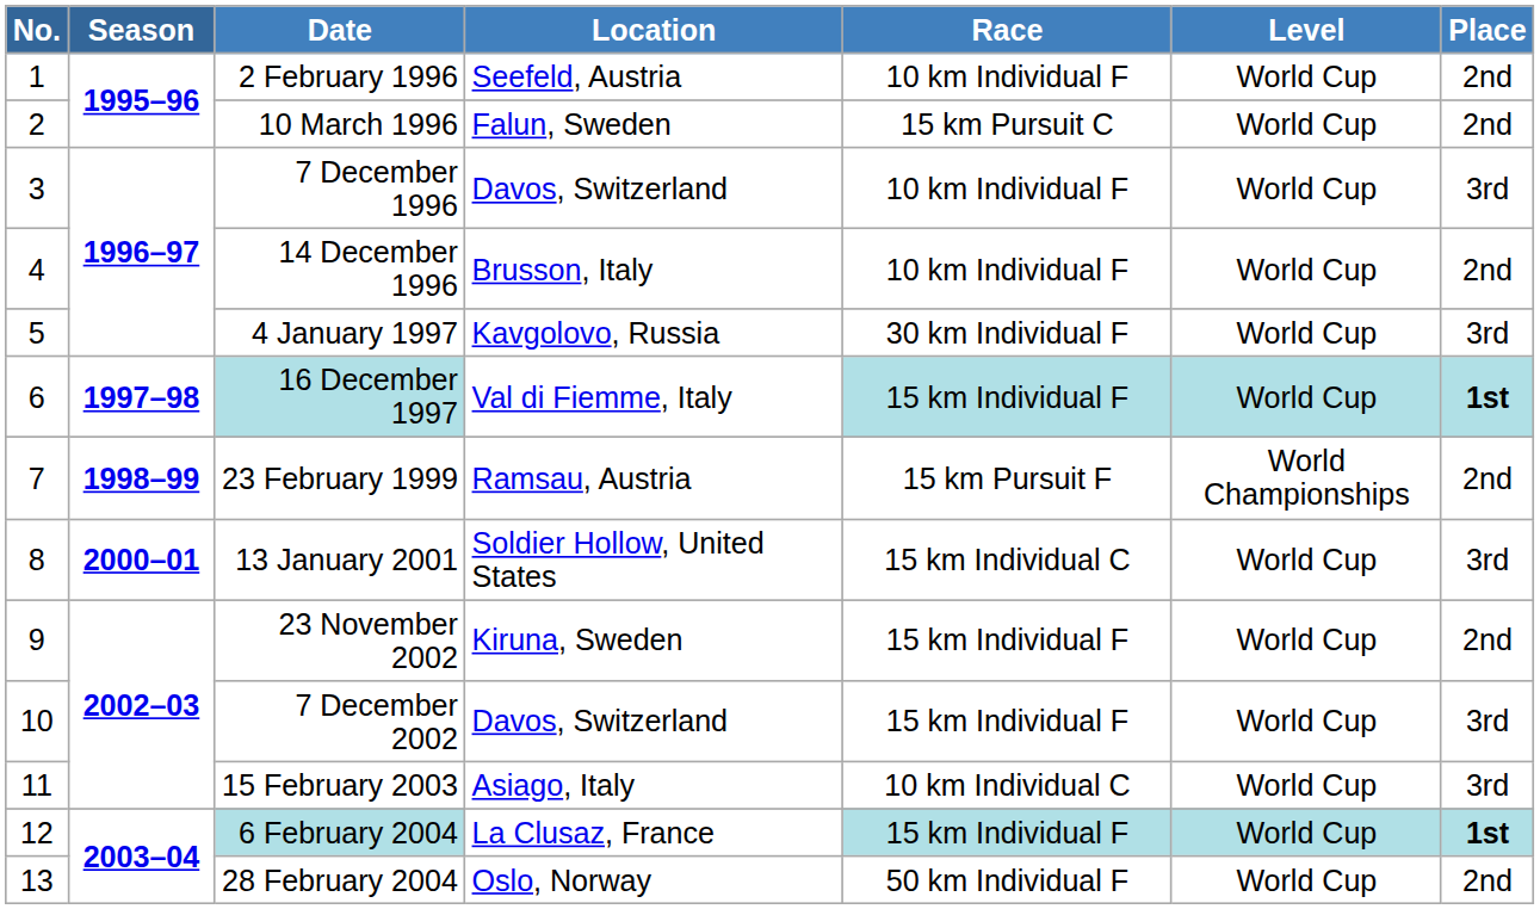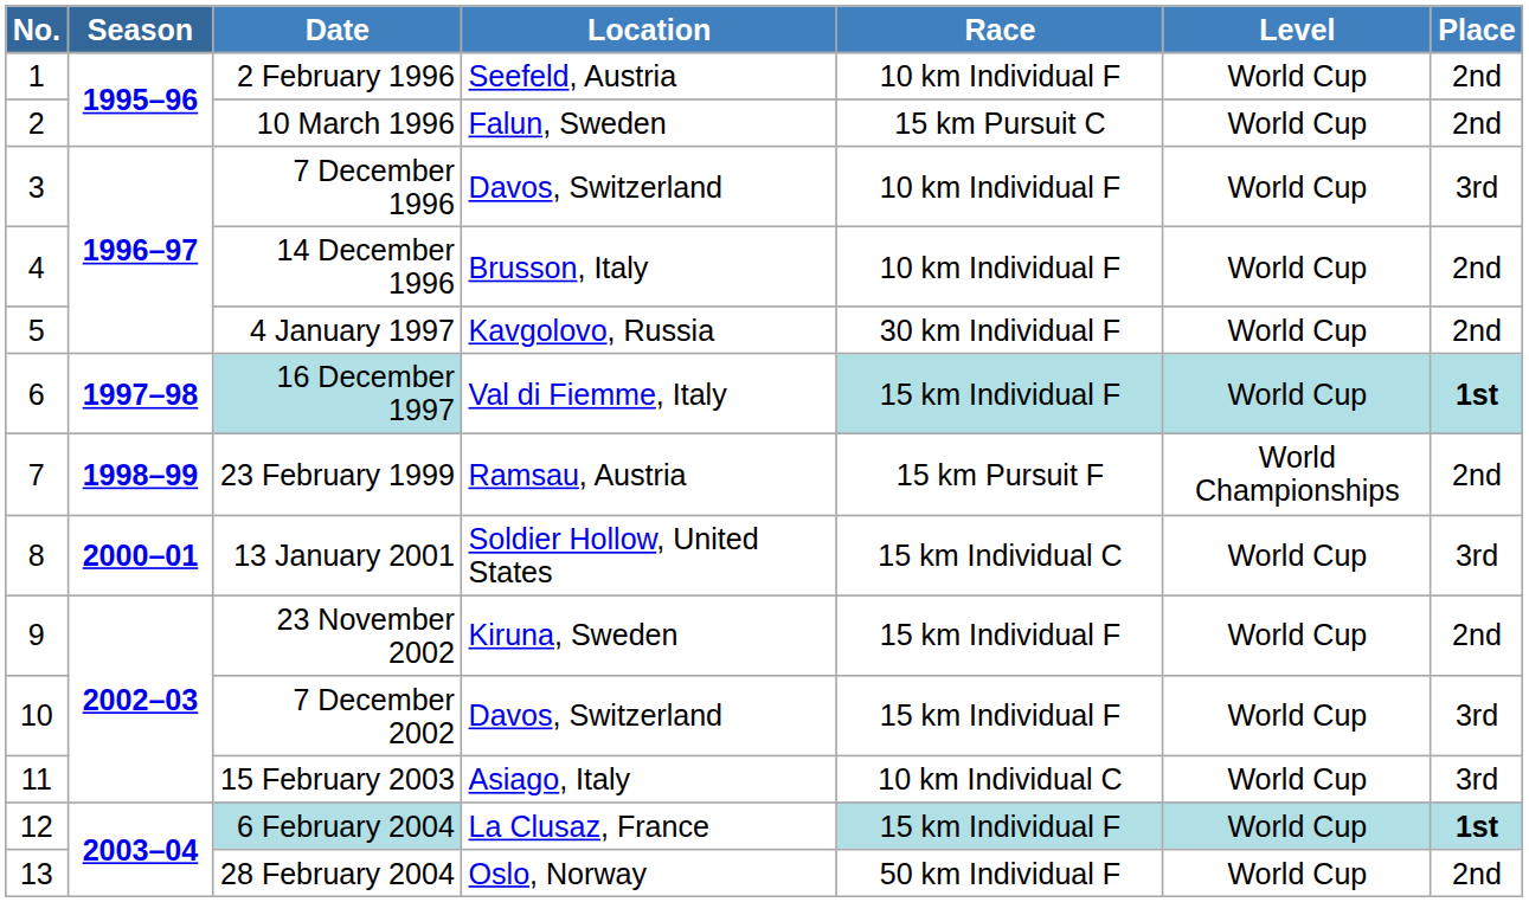 <table class="wikitable sortable" style="font-size:95%; text-align:center; border:grey solid 1px; border-collapse:collapse; background:#ffffff;">
 <tr style="background:#efefef;">
 <th style="background-color:#369; color:white;">No.</th>
 <th style="background-color:#369; color:white;">Season</th>
 <th style="background-color:#4180be; color:white; width:120px;">Date</th>
 <th style="background-color:#4180be; color:white; width:185px;">Location</th>
 <th style="background-color:#4180be; color:white; width:160px;">Race</th>
 <th style="background-color:#4180be; color:white; width:130px;">Level</th>
 <th style="background-color:#4180be; color:white;">Place</th>
 </tr>
 <tr>
 <td align=center>1</td>
 <td rowspan=2 align=center><strong> <a href='#'>1995–96</a> </strong></td>
 <td align=right>2 February 1996</td>
 <td align=left> <a href='#'>Seefeld</a>, Austria</td>
 <td>10 km Individual F</td>
 <td>World Cup</td>
 <td>2nd</td>
 </tr>
 <tr>
 <td align=center>2</td>
 <td align=right>10 March 1996</td>
 <td align=left> <a href='#'>Falun</a>, Sweden</td>
 <td>15 km Pursuit C</td>
 <td>World Cup</td>
 <td>2nd</td>
 </tr>
 <tr>
 <td align=center>3</td>
 <td rowspan=3 align=center><strong> <a href='#'>1996–97</a> </strong></td>
 <td align=right>7 December 1996</td>
 <td align=left> <a href='#'>Davos</a>, Switzerland</td>
 <td>10 km Individual F</td>
 <td>World Cup</td>
 <td>3rd</td>
 </tr>
 <tr>
 <td align=center>4</td>
 <td align=right>14 December 1996</td>
 <td align=left> <a href='#'>Brusson</a>, Italy</td>
 <td>10 km Individual F</td>
 <td>World Cup</td>
 <td>2nd</td>
 </tr>
 <tr>
 <td align=center>5</td>
 <td align=right>4 January 1997</td>
 <td align=left> <a href='#'>Kavgolovo</a>, Russia</td>
 <td>30 km Individual F</td>
 <td>World Cup</td>
-<td>3rd</td>
+<td>2nd</td>
 </tr>
 <tr>
 <td align=center>6</td>
 <td rowspan=1 align=center><strong><a href='#'>1997–98</a></strong></td>
 <td bgcolor="#BOEOE6" align=right>16 December 1997</td>
 <td align=left> <a href='#'>Val di Fiemme</a>, Italy</td>
 <td bgcolor="#BOEOE6">15 km Individual F</td>
 <td bgcolor="#BOEOE6">World Cup</td>
 <td bgcolor="#BOEOE6"><strong>1st</strong></td>
 </tr>
 <tr>
 <td align=center>7</td>
 <td rowspan=1 align=center><strong> <a href='#'>1998–99</a> </strong></td>
 <td align=right>23 February 1999</td>
 <td align=left> <a href='#'>Ramsau</a>, Austria</td>
 <td>15 km Pursuit F</td>
 <td>World Championships</td>
 <td>2nd</td>
 </tr>
 <tr>
 <td align=center>8</td>
 <td rowspan=1 align=center><strong> <a href='#'>2000–01</a> </strong></td>
 <td align=right>13 January 2001</td>
 <td align=left> <a href='#'>Soldier Hollow</a>, United States</td>
 <td>15 km Individual C</td>
 <td>World Cup</td>
 <td>3rd</td>
 </tr>
 <tr>
 <td align=center>9</td>
 <td rowspan=3 align=center><strong> <a href='#'>2002–03</a> </strong></td>
 <td align=right>23 November 2002</td>
 <td align=left> <a href='#'>Kiruna</a>, Sweden</td>
 <td>15 km Individual F</td>
 <td>World Cup</td>
 <td>2nd</td>
 </tr>
 <tr>
 <td align=center>10</td>
 <td align=right>7 December 2002</td>
 <td align=left> <a href='#'>Davos</a>, Switzerland</td>
 <td>15 km Individual F</td>
 <td>World Cup</td>
 <td>3rd</td>
 </tr>
 <tr>
 <td align=center>11</td>
 <td align=right>15 February 2003</td>
 <td align=left> <a href='#'>Asiago</a>, Italy</td>
 <td>10 km Individual C</td>
 <td>World Cup</td>
 <td>3rd</td>
 </tr>
 <tr>
 <td align=center>12</td>
 <td rowspan=2 align=center><strong><a href='#'>2003–04</a></strong></td>
 <td bgcolor="#BOEOE6" align=right>6 February 2004</td>
 <td align=left> <a href='#'>La Clusaz</a>, France</td>
 <td bgcolor="#BOEOE6">15 km Individual F</td>
 <td bgcolor="#BOEOE6">World Cup</td>
 <td bgcolor="#BOEOE6"><strong>1st</strong></td>
 </tr>
 <tr>
 <td align=center>13</td>
 <td align=right>28 February 2004</td>
 <td align=left> <a href='#'>Oslo</a>, Norway</td>
 <td>50 km Individual F</td>
 <td>World Cup</td>
 <td>2nd</td>
 </tr>
 </table>
